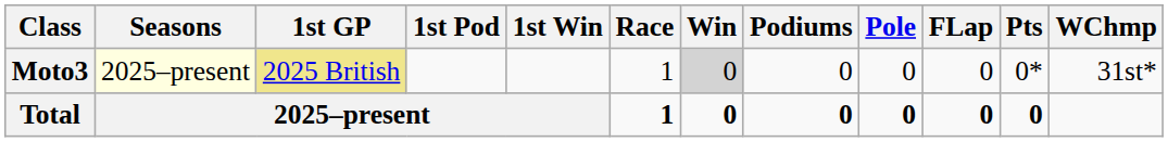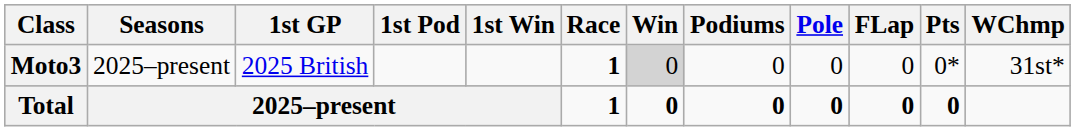 <table class="wikitable" style="text-align:right;">
 <tr>
 <th>Class</th>
 <th>Seasons</th>
 <th>1st GP</th>
 <th>1st Pod</th>
 <th>1st Win</th>
 <th>Race</th>
 <th>Win</th>
 <th>Podiums</th>
 <th><a href='#'>Pole</a></th>
 <th>FLap</th>
 <th>Pts</th>
 <th>WChmp</th>
 </tr>
 <tr>
 <th>Moto3</th>
-<td style="background: lightyellow;">2025–present</td>
-<td style="background: khaki; text-align:left;"><a href='#'>2025 British</a></td>
+<td>2025–present</td>
+<td style="text-align:left;"><a href='#'>2025 British</a></td>
 <td style="text-align:left;"></td>
 <td style="text-align:left;"></td>
-<td>1</td>
+<td><strong>1</strong></td>
 <td style="background: lightgrey;">0</td>
 <td>0</td>
 <td>0</td>
 <td>0</td>
 <td>0*</td>
 <td>31st*</td>
 </tr>
 <tr>
 <th>Total</th>
 <th colspan="4">2025–present</th>
 <td><strong>1</strong></td>
 <td><strong>0</strong></td>
 <td><strong>0</strong></td>
 <td><strong>0</strong></td>
 <td><strong>0</strong></td>
 <td><strong>0</strong></td>
 <td></td>
 </tr>
 </table>
